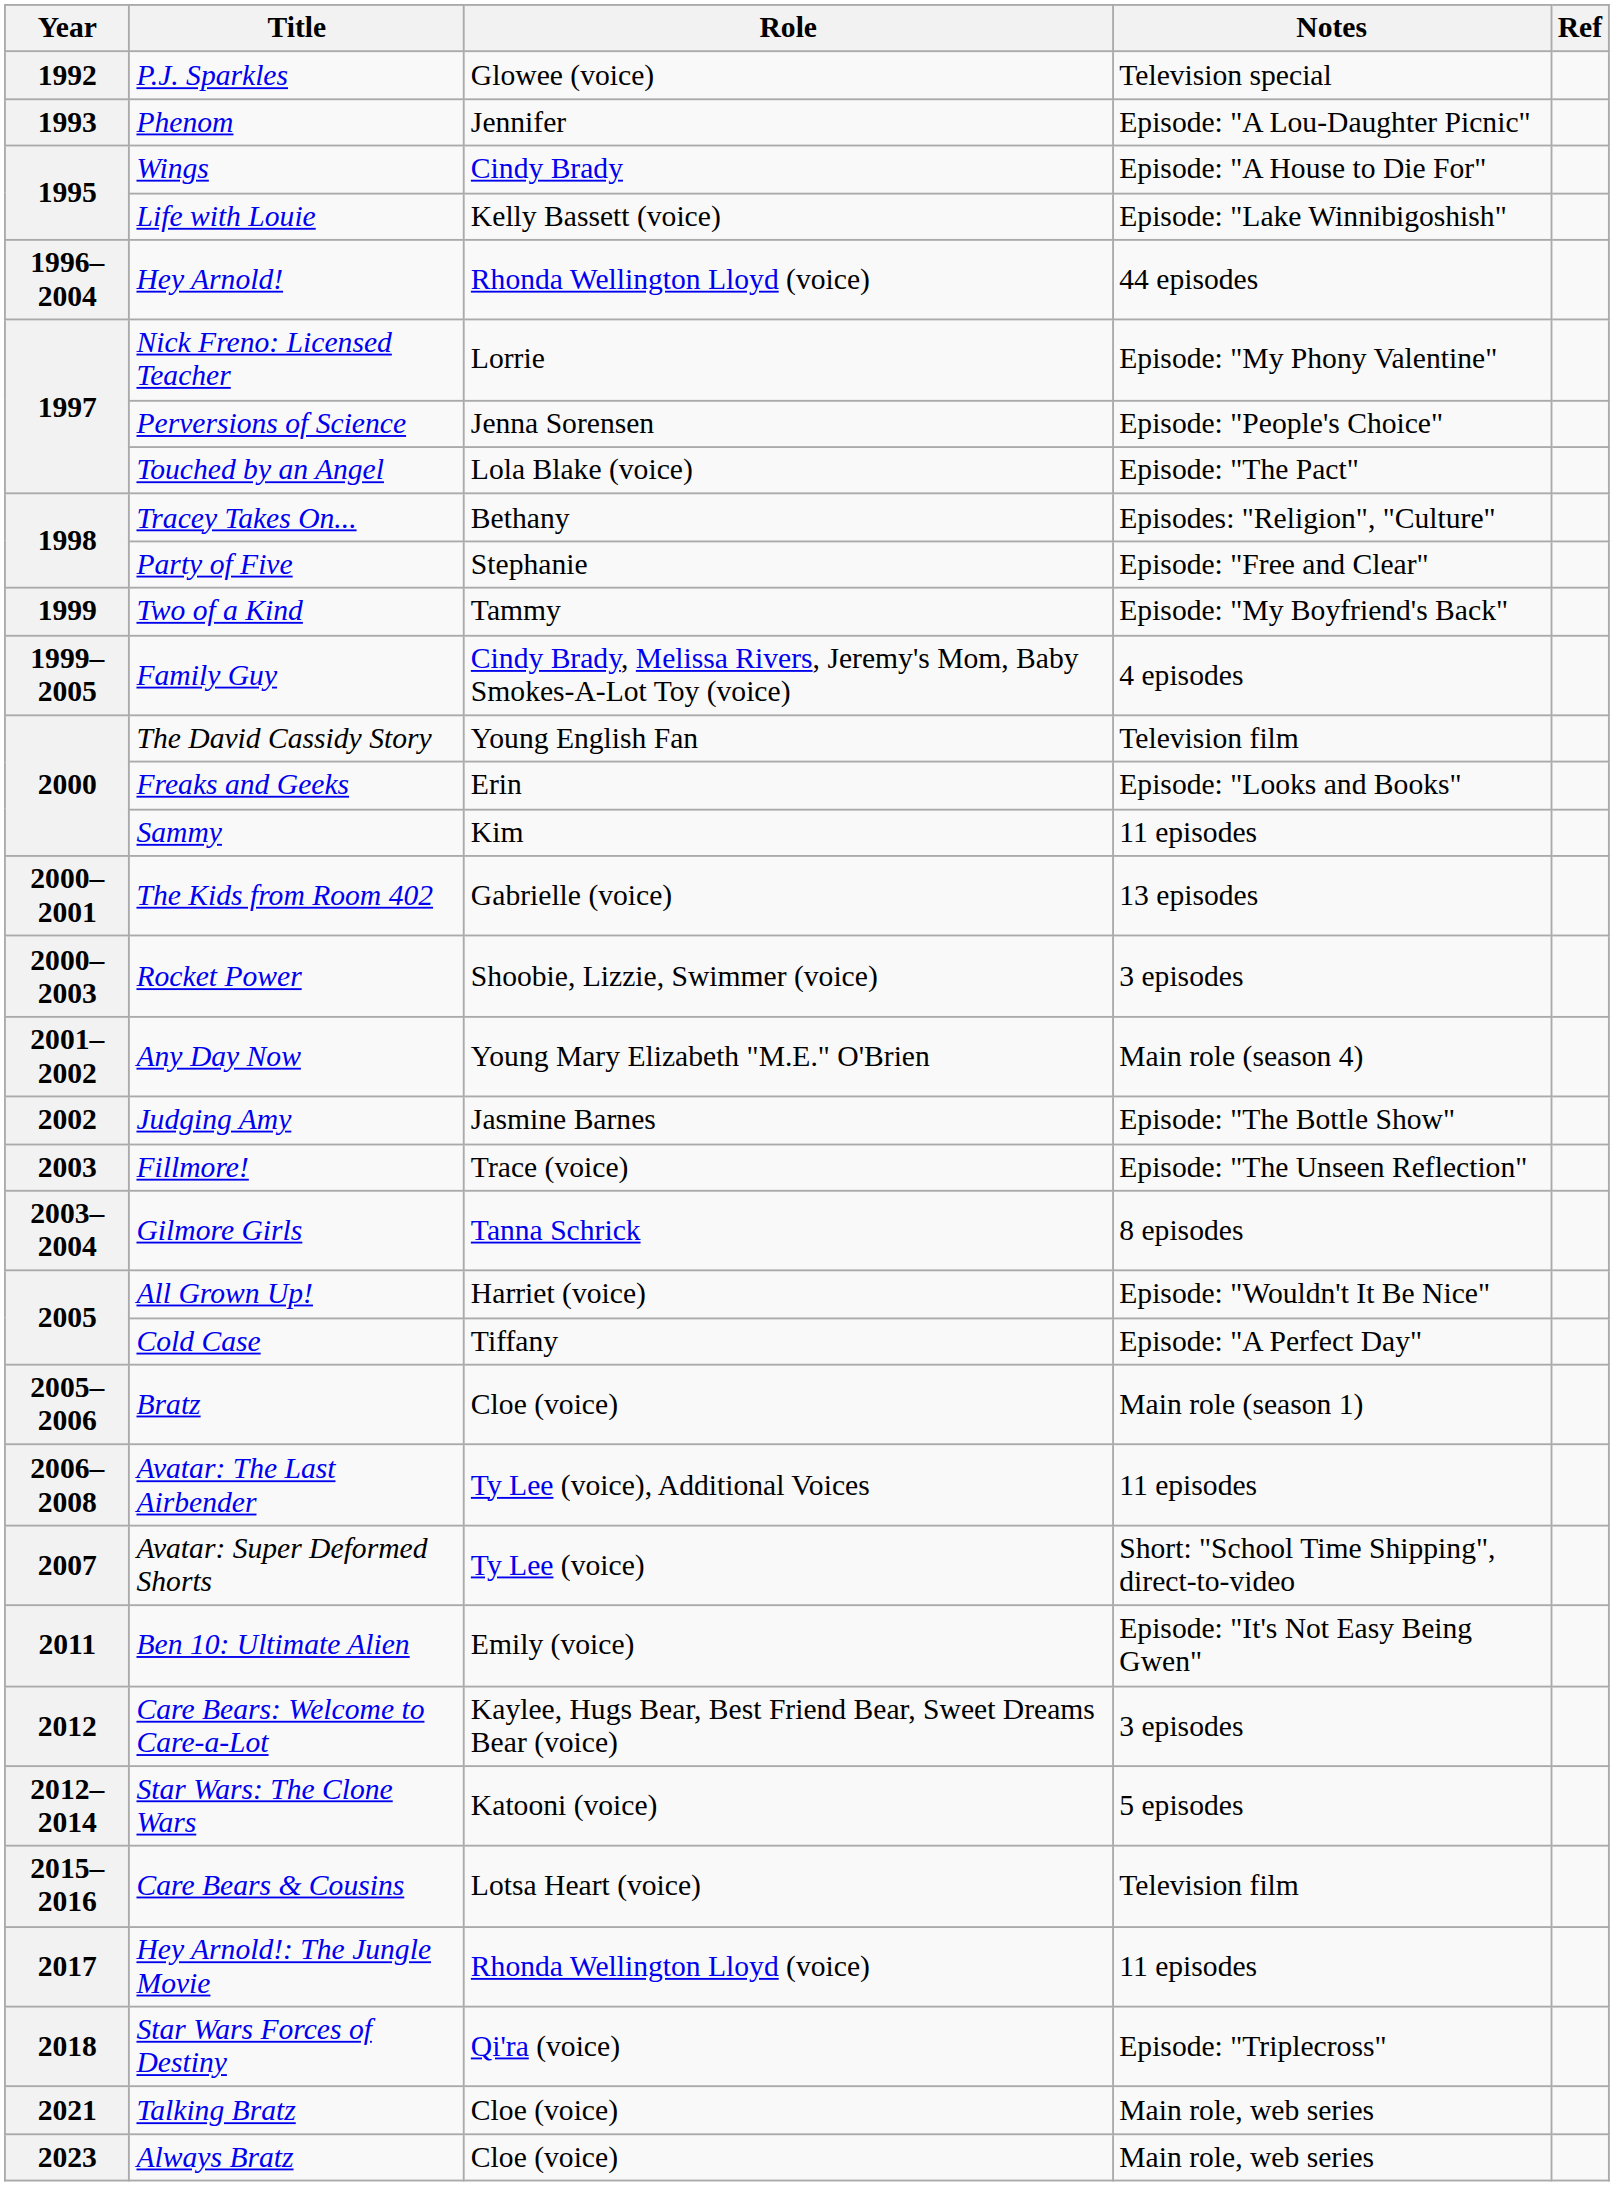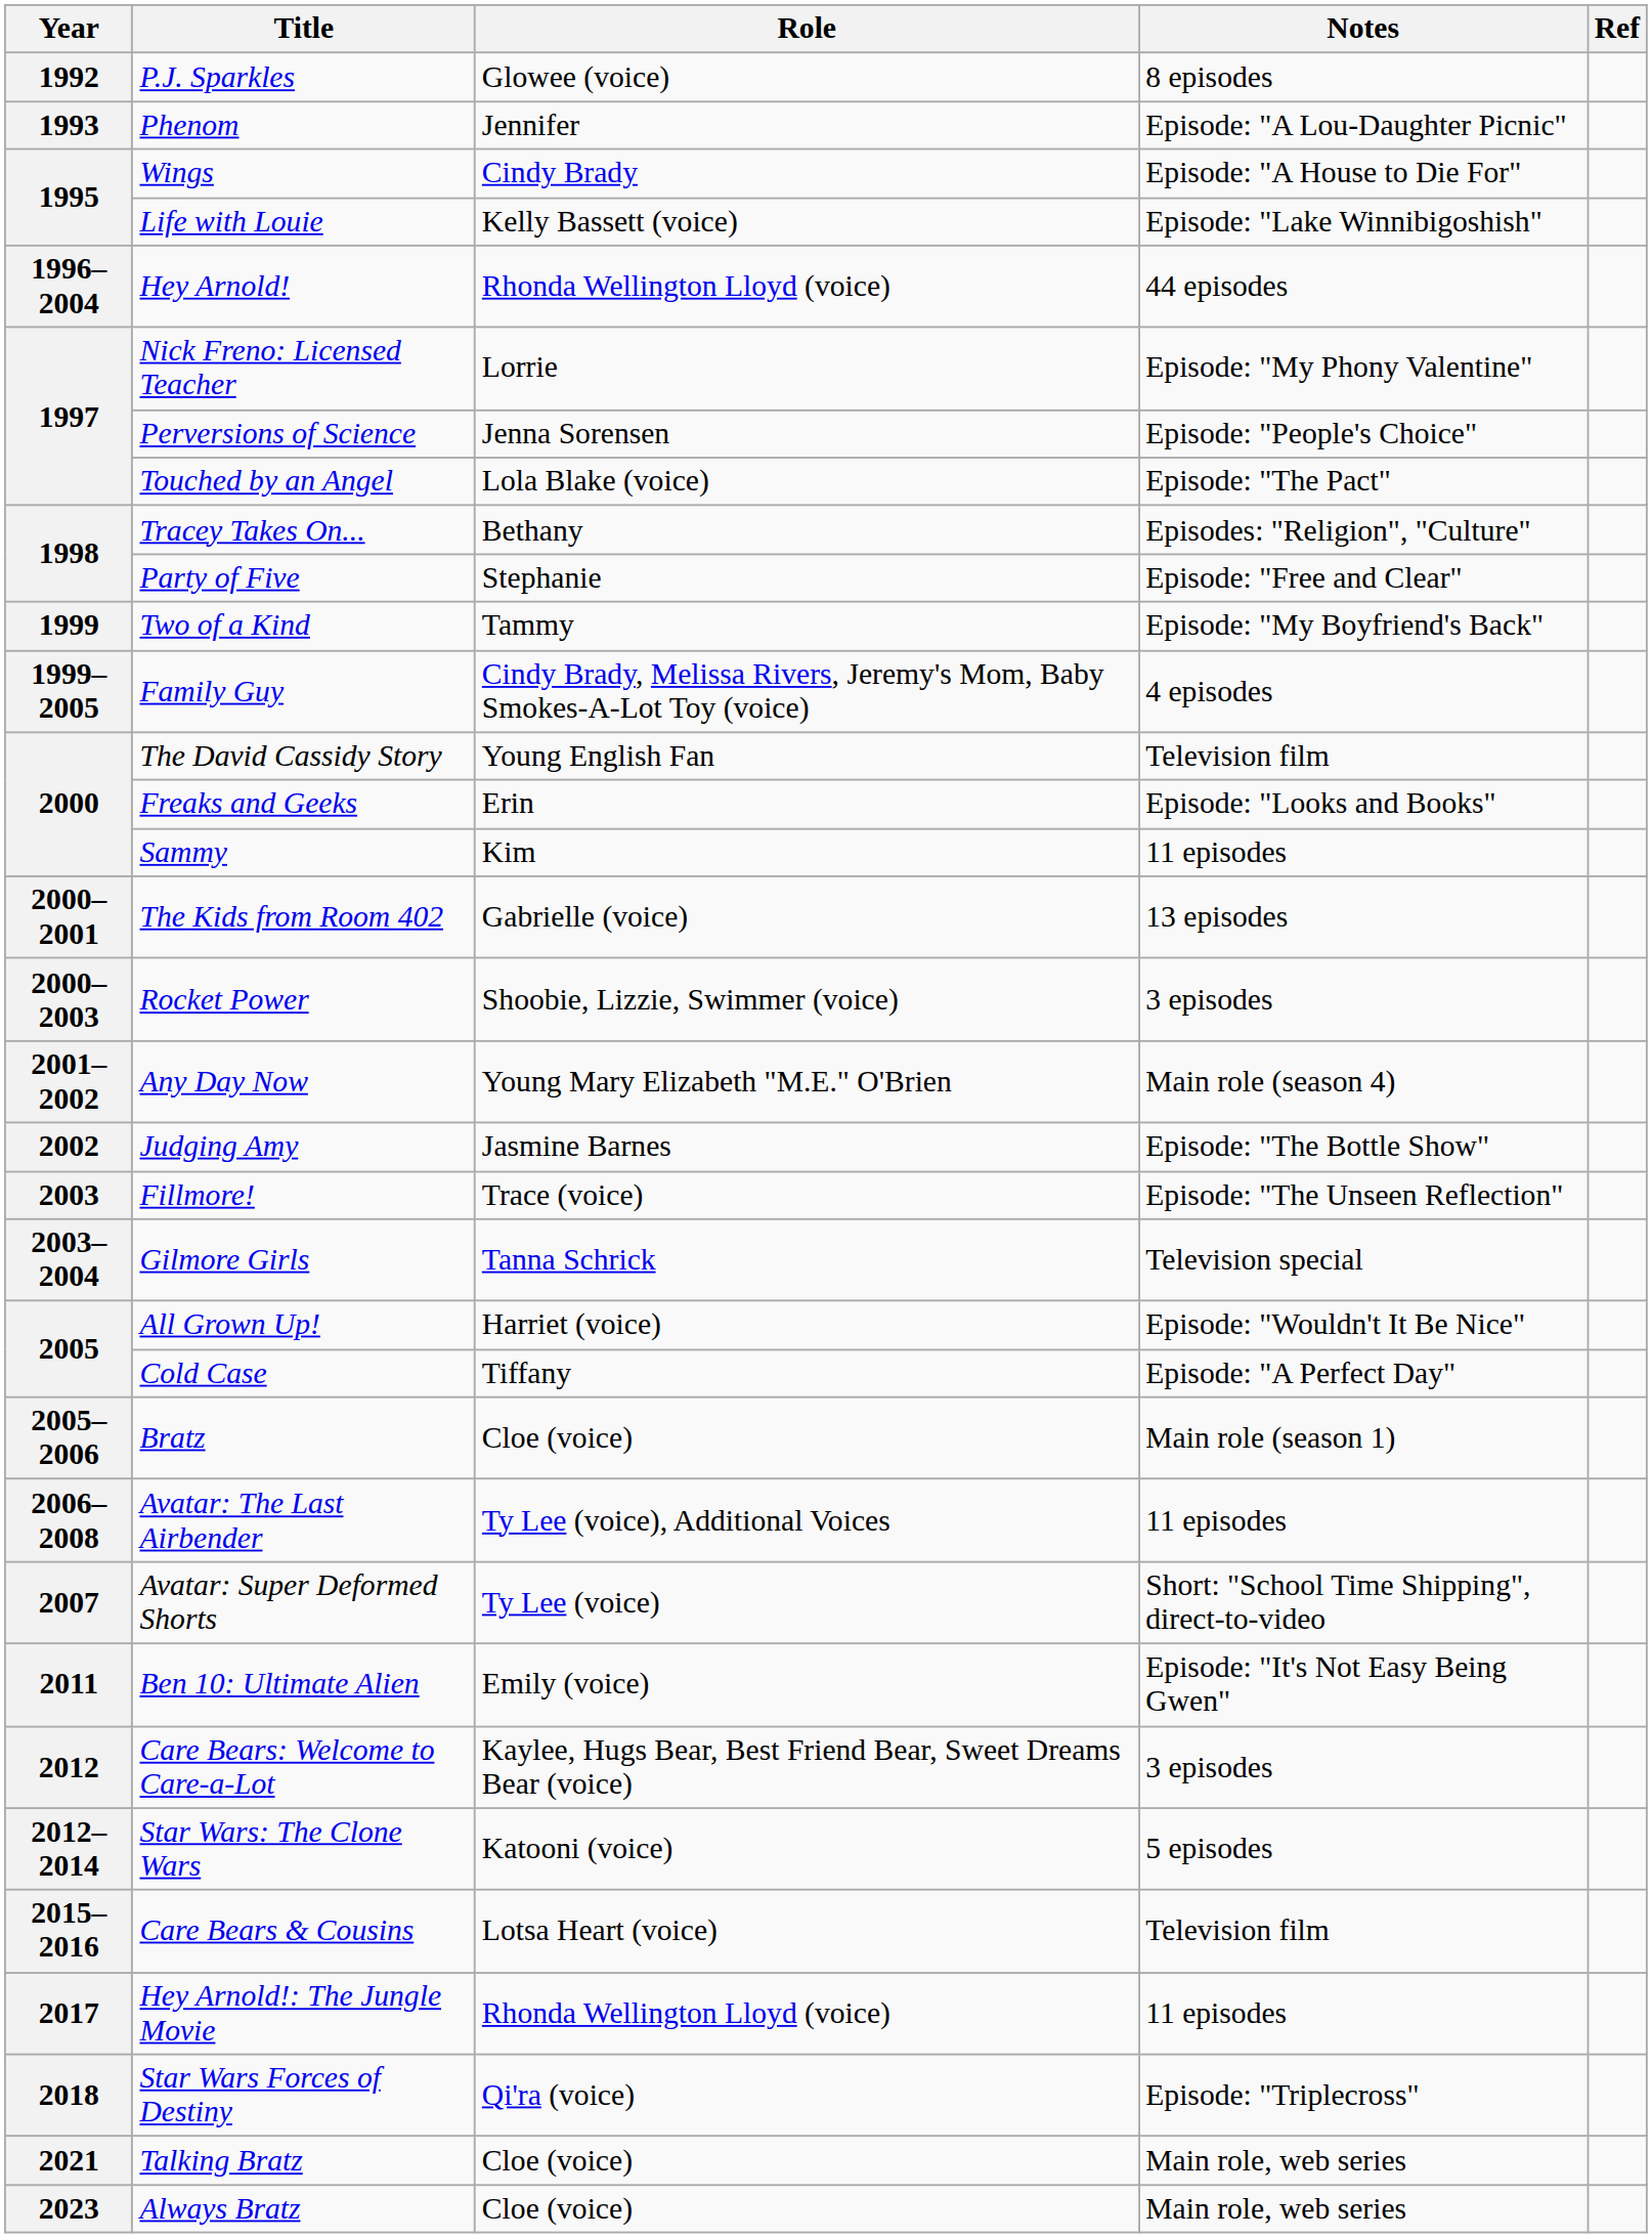 <table class="wikitable plainrowheaders sortable">
 <tr>
 <th scope="col">Year</th>
 <th scope="col">Title</th>
 <th scope="col">Role</th>
 <th scope="col" class="unsortable">Notes</th>
 <th scope="col" class="unsortable">Ref</th>
 </tr>
 <tr>
 <th scope="row">1992</th>
 <td><em><a href='#'>P.J. Sparkles</a></em></td>
 <td>Glowee (voice)</td>
-<td>Television special</td>
+<td>8 episodes</td>
 <td></td>
 </tr>
 <tr>
 <th scope="row">1993</th>
 <td><em><a href='#'>Phenom</a></em></td>
 <td>Jennifer</td>
 <td>Episode: "A Lou-Daughter Picnic"</td>
 <td></td>
 </tr>
 <tr>
 <th scope="row" rowspan="2">1995</th>
 <td><em><a href='#'>Wings</a></em></td>
 <td><a href='#'>Cindy Brady</a></td>
 <td>Episode: "A House to Die For"</td>
 <td></td>
 </tr>
 <tr>
 <td><em><a href='#'>Life with Louie</a></em></td>
 <td>Kelly Bassett (voice)</td>
 <td>Episode: "Lake Winnibigoshish"</td>
 <td></td>
 </tr>
 <tr>
 <th scope="row">1996–2004</th>
 <td><em><a href='#'>Hey Arnold!</a></em></td>
 <td><a href='#'>Rhonda Wellington Lloyd</a> (voice)</td>
 <td>44 episodes</td>
 <td></td>
 </tr>
 <tr>
 <th scope="row" rowspan="3">1997</th>
 <td><em><a href='#'>Nick Freno: Licensed Teacher</a></em></td>
 <td>Lorrie</td>
 <td>Episode: "My Phony Valentine"</td>
 <td></td>
 </tr>
 <tr>
 <td><em><a href='#'>Perversions of Science</a></em></td>
 <td>Jenna Sorensen</td>
 <td>Episode: "People's Choice"</td>
 <td></td>
 </tr>
 <tr>
 <td><em><a href='#'>Touched by an Angel</a></em></td>
 <td>Lola Blake (voice)</td>
 <td>Episode: "The Pact"</td>
 <td></td>
 </tr>
 <tr>
 <th scope="row" rowspan="2">1998</th>
 <td><em><a href='#'>Tracey Takes On...</a></em></td>
 <td>Bethany</td>
 <td>Episodes: "Religion", "Culture"</td>
 <td></td>
 </tr>
 <tr>
 <td><em><a href='#'>Party of Five</a></em></td>
 <td>Stephanie</td>
 <td>Episode: "Free and Clear"</td>
 <td></td>
 </tr>
 <tr>
 <th scope="row">1999</th>
 <td><em><a href='#'>Two of a Kind</a></em></td>
 <td>Tammy</td>
 <td>Episode: "My Boyfriend's Back"</td>
 <td></td>
 </tr>
 <tr>
 <th scope="row">1999–2005</th>
 <td><em><a href='#'>Family Guy</a></em></td>
 <td><a href='#'>Cindy Brady</a>, <a href='#'>Melissa Rivers</a>, Jeremy's Mom, Baby Smokes-A-Lot Toy (voice)</td>
 <td>4 episodes</td>
 <td></td>
 </tr>
 <tr>
 <th scope="row" rowspan="3">2000</th>
 <td><em>The David Cassidy Story</em></td>
 <td>Young English Fan</td>
 <td>Television film</td>
 <td></td>
 </tr>
 <tr>
 <td><em><a href='#'>Freaks and Geeks</a></em></td>
 <td>Erin</td>
 <td>Episode: "Looks and Books"</td>
 <td></td>
 </tr>
 <tr>
 <td><em><a href='#'>Sammy</a></em></td>
 <td>Kim</td>
 <td>11 episodes</td>
 <td></td>
 </tr>
 <tr>
 <th scope="row">2000–2001</th>
 <td><em><a href='#'>The Kids from Room 402</a></em></td>
 <td>Gabrielle (voice)</td>
 <td>13 episodes</td>
 <td></td>
 </tr>
 <tr>
 <th scope="row">2000–2003</th>
 <td><em><a href='#'>Rocket Power</a></em></td>
 <td>Shoobie, Lizzie, Swimmer (voice)</td>
 <td>3 episodes</td>
 <td></td>
 </tr>
 <tr>
 <th scope="row">2001–2002</th>
 <td><em><a href='#'>Any Day Now</a></em></td>
 <td>Young Mary Elizabeth "M.E." O'Brien</td>
 <td>Main role (season 4)</td>
 <td></td>
 </tr>
 <tr>
 <th scope="row">2002</th>
 <td><em><a href='#'>Judging Amy</a></em></td>
 <td>Jasmine Barnes</td>
 <td>Episode: "The Bottle Show"</td>
 <td></td>
 </tr>
 <tr>
 <th scope="row">2003</th>
 <td><em><a href='#'>Fillmore!</a></em></td>
 <td>Trace (voice)</td>
 <td>Episode: "The Unseen Reflection"</td>
 <td></td>
 </tr>
 <tr>
 <th scope="row">2003–2004</th>
 <td><em><a href='#'>Gilmore Girls</a></em></td>
 <td><a href='#'>Tanna Schrick</a></td>
-<td>8 episodes</td>
+<td>Television special</td>
 <td></td>
 </tr>
 <tr>
 <th scope="row" rowspan="2">2005</th>
 <td><em><a href='#'>All Grown Up!</a></em></td>
 <td>Harriet (voice)</td>
 <td>Episode: "Wouldn't It Be Nice"</td>
 <td></td>
 </tr>
 <tr>
 <td><em><a href='#'>Cold Case</a></em></td>
 <td>Tiffany</td>
 <td>Episode: "A Perfect Day"</td>
 <td></td>
 </tr>
 <tr>
 <th scope="row">2005–2006</th>
 <td><em><a href='#'>Bratz</a></em></td>
 <td>Cloe (voice)</td>
 <td>Main role (season 1)</td>
 <td></td>
 </tr>
 <tr>
 <th scope="row">2006–2008</th>
 <td><em><a href='#'>Avatar: The Last Airbender</a></em></td>
 <td><a href='#'>Ty Lee</a> (voice), Additional Voices</td>
 <td>11 episodes</td>
 <td></td>
 </tr>
 <tr>
 <th scope="row">2007</th>
 <td><em>Avatar: Super Deformed Shorts</em></td>
 <td><a href='#'>Ty Lee</a> (voice)</td>
 <td>Short: "School Time Shipping", direct-to-video</td>
 <td></td>
 </tr>
 <tr>
 <th scope="row">2011</th>
 <td><em><a href='#'>Ben 10: Ultimate Alien</a></em></td>
 <td>Emily (voice)</td>
 <td>Episode: "It's Not Easy Being Gwen"</td>
 <td></td>
 </tr>
 <tr>
 <th scope="row">2012</th>
 <td><em><a href='#'>Care Bears: Welcome to Care-a-Lot</a></em></td>
 <td>Kaylee, Hugs Bear, Best Friend Bear, Sweet Dreams Bear (voice)</td>
 <td>3 episodes</td>
 <td></td>
 </tr>
 <tr>
 <th scope="row">2012–2014</th>
 <td><em><a href='#'>Star Wars: The Clone Wars</a></em></td>
 <td>Katooni (voice)</td>
 <td>5 episodes</td>
 <td></td>
 </tr>
 <tr>
 <th scope="row">2015–2016</th>
 <td><em><a href='#'>Care Bears & Cousins</a></em></td>
 <td>Lotsa Heart (voice)</td>
 <td>Television film</td>
 <td></td>
 </tr>
 <tr>
 <th scope="row">2017</th>
 <td><em><a href='#'>Hey Arnold!: The Jungle Movie</a></em></td>
 <td><a href='#'>Rhonda Wellington Lloyd</a> (voice)</td>
 <td>11 episodes</td>
 <td></td>
 </tr>
 <tr>
 <th scope="row">2018</th>
 <td><em><a href='#'>Star Wars Forces of Destiny</a></em></td>
 <td><a href='#'>Qi'ra</a> (voice)</td>
 <td>Episode: "Triplecross"</td>
 <td></td>
 </tr>
 <tr>
 <th scope="row">2021</th>
 <td><em><a href='#'>Talking Bratz</a></em></td>
 <td>Cloe (voice)</td>
 <td>Main role, web series</td>
 <td></td>
 </tr>
 <tr>
 <th scope="row">2023</th>
 <td><em><a href='#'>Always Bratz</a></em></td>
 <td>Cloe (voice)</td>
 <td>Main role, web series</td>
 <td></td>
 </tr>
 </table>
